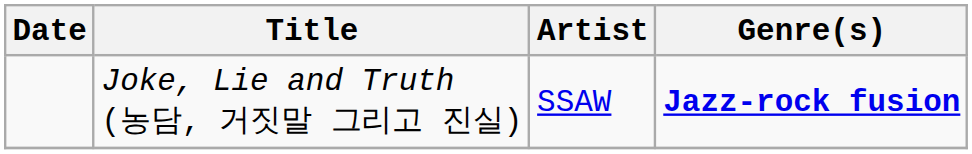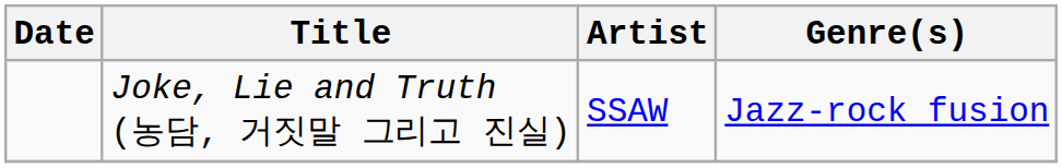 <table class="wikitable" style="text-align: left;">
 <tr>
 <th>Date</th>
 <th>Title</th>
 <th>Artist</th>
 <th>Genre(s)</th>
 </tr>
 <tr>
 <td></td>
 <td><em>Joke, Lie and Truth</em><br>(농담, 거짓말 그리고 진실)</td>
 <td><a href='#'>SSAW</a></td>
-<td><strong><a href='#'>Jazz-rock fusion</a></strong></td>
+<td><a href='#'>Jazz-rock fusion</a></td>
 </tr>
 <tr>
 </tr>
 </table>
